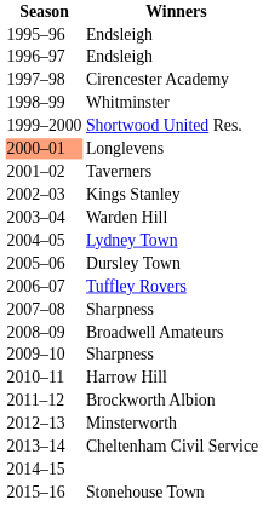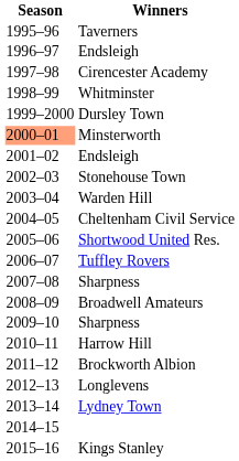 <table>
 <tr>
 <th>Season</th>
 <th>  Winners</th>
 </tr>
 <tr>
 <td>1995–96</td>
-<td>Endsleigh</td>
+<td>Taverners</td>
 </tr>
 <tr>
 <td>1996–97</td>
 <td>Endsleigh</td>
 </tr>
 <tr>
 <td>1997–98</td>
 <td>Cirencester Academy</td>
 </tr>
 <tr>
 <td>1998–99</td>
 <td>Whitminster</td>
 </tr>
 <tr>
 <td>1999–2000</td>
-<td><a href='#'>Shortwood United</a> Res.</td>
+<td>Dursley Town</td>
 </tr>
 <tr>
 <td style="background: lightsalmon;">2000–01</td>
-<td>Longlevens</td>
+<td>Minsterworth</td>
 </tr>
 <tr>
 <td>2001–02</td>
-<td>Taverners</td>
+<td>Endsleigh</td>
 </tr>
 <tr>
 <td>2002–03</td>
-<td>Kings Stanley</td>
+<td>Stonehouse Town</td>
 </tr>
 <tr>
 <td>2003–04</td>
 <td>Warden Hill</td>
 </tr>
 <tr>
 <td>2004–05</td>
-<td><a href='#'>Lydney Town</a></td>
+<td>Cheltenham Civil Service</td>
 </tr>
 <tr>
 <td>2005–06</td>
-<td>Dursley Town</td>
+<td><a href='#'>Shortwood United</a> Res.</td>
 </tr>
 <tr>
 <td>2006–07</td>
 <td><a href='#'>Tuffley Rovers</a></td>
 </tr>
 <tr>
 <td>2007–08</td>
 <td>Sharpness</td>
 </tr>
 <tr>
 <td>2008–09</td>
 <td>Broadwell Amateurs</td>
 </tr>
 <tr>
 <td>2009–10</td>
 <td>Sharpness</td>
 </tr>
 <tr>
 <td>2010–11</td>
 <td>Harrow Hill</td>
 </tr>
 <tr>
 <td>2011–12</td>
 <td>Brockworth Albion</td>
 </tr>
 <tr>
 <td>2012–13</td>
-<td>Minsterworth</td>
+<td>Longlevens</td>
 </tr>
 <tr>
 <td>2013–14</td>
-<td>Cheltenham Civil Service</td>
+<td><a href='#'>Lydney Town</a></td>
 </tr>
 <tr>
 <td>2014–15</td>
 <td></td>
 </tr>
 <tr>
 <td>2015–16</td>
-<td>Stonehouse Town</td>
+<td>Kings Stanley</td>
 </tr>
 </table>
